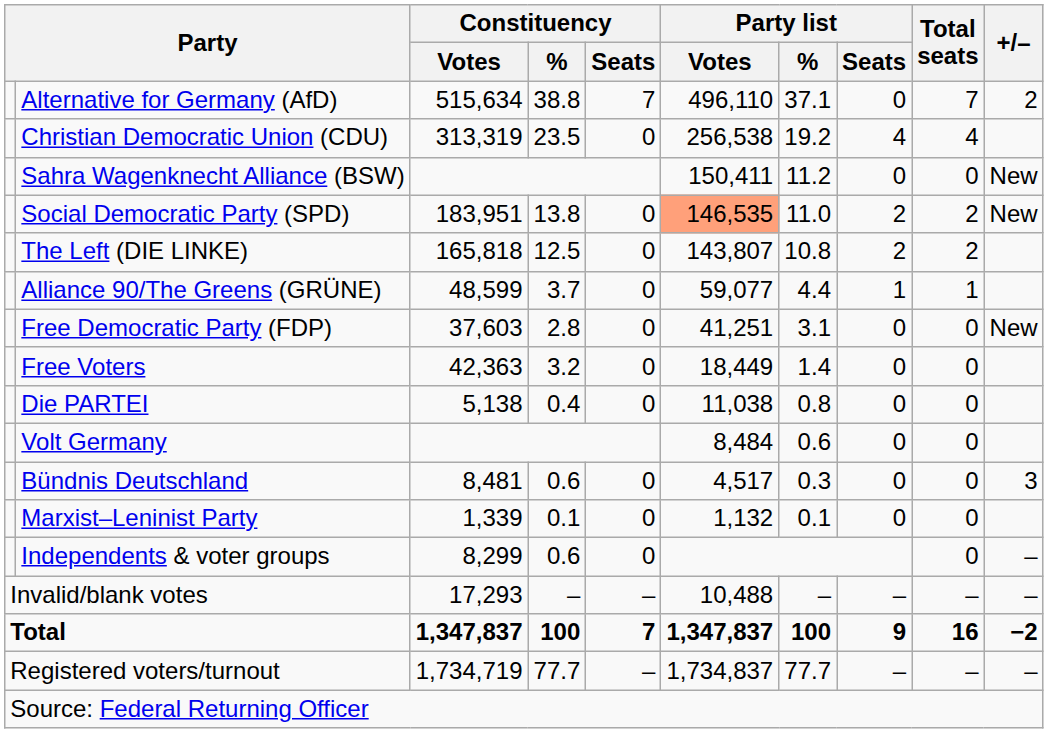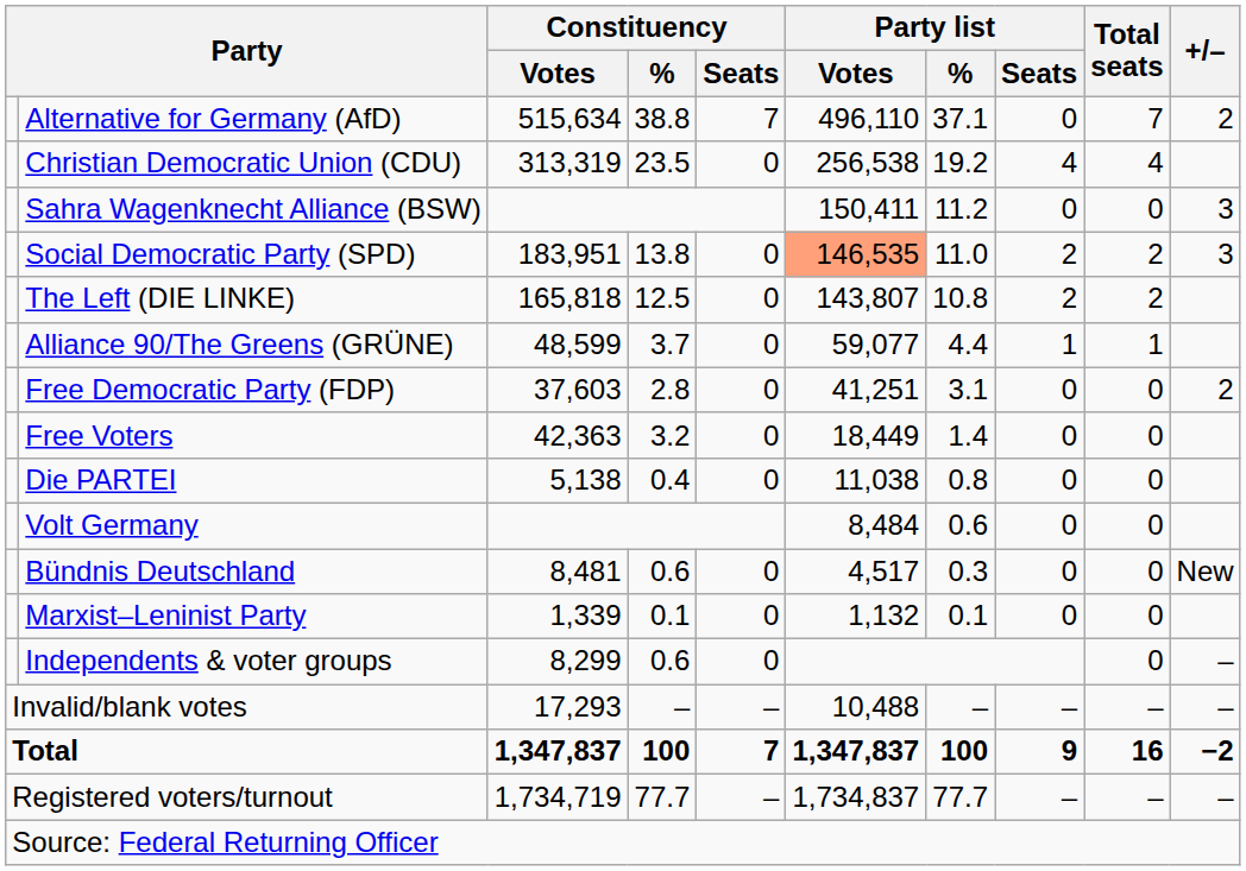 <table class="wikitable" style="text-align:right">
 <tr>
 <th colspan="2" rowspan="2">Party</th>
 <th colspan="3">Constituency</th>
 <th colspan="3">Party list</th>
 <th rowspan="2">Total<br>seats</th>
 <th rowspan="2">+/–</th>
 </tr>
 <tr>
 <th>Votes</th>
 <th>%</th>
 <th>Seats</th>
 <th>Votes</th>
 <th>%</th>
 <th>Seats</th>
 </tr>
 <tr>
 <td></td>
 <td align="left"><a href='#'>Alternative for Germany</a> (AfD)</td>
 <td>515,634</td>
 <td>38.8</td>
 <td>7</td>
 <td>496,110</td>
 <td>37.1</td>
 <td>0</td>
 <td>7</td>
 <td> 2</td>
 </tr>
 <tr>
 <td></td>
 <td align="left"><a href='#'>Christian Democratic Union</a> (CDU)</td>
 <td>313,319</td>
 <td>23.5</td>
 <td>0</td>
 <td>256,538</td>
 <td>19.2</td>
 <td>4</td>
 <td>4</td>
 <td></td>
 </tr>
 <tr>
 <td style="background-color:"></td>
 <td align="left"><a href='#'>Sahra Wagenknecht Alliance</a> (BSW)</td>
 <td colspan="3"></td>
 <td>150,411</td>
 <td>11.2</td>
 <td>0</td>
 <td>0</td>
-<td>New</td>
+<td> 3</td>
 </tr>
 <tr>
 <td></td>
 <td align="left"><a href='#'>Social Democratic Party</a> (SPD)</td>
 <td>183,951</td>
 <td>13.8</td>
 <td>0</td>
 <td style="background: lightsalmon;">146,535</td>
 <td>11.0</td>
 <td>2</td>
 <td>2</td>
-<td>New</td>
+<td> 3</td>
 </tr>
 <tr>
 <td></td>
 <td align="left"><a href='#'>The Left</a> (DIE LINKE)</td>
 <td>165,818</td>
 <td>12.5</td>
 <td>0</td>
 <td>143,807</td>
 <td>10.8</td>
 <td>2</td>
 <td>2</td>
 <td></td>
 </tr>
 <tr>
 <td></td>
 <td align="left"><a href='#'>Alliance 90/The Greens</a> (GRÜNE)</td>
 <td>48,599</td>
 <td>3.7</td>
 <td>0</td>
 <td>59,077</td>
 <td>4.4</td>
 <td>1</td>
 <td>1</td>
 <td></td>
 </tr>
 <tr>
 <td></td>
 <td align="left"><a href='#'>Free Democratic Party</a> (FDP)</td>
 <td>37,603</td>
 <td>2.8</td>
 <td>0</td>
 <td>41,251</td>
 <td>3.1</td>
 <td>0</td>
 <td>0</td>
-<td>New</td>
+<td> 2</td>
 </tr>
 <tr>
 <td style="background-color:"></td>
 <td align="left"><a href='#'>Free Voters</a></td>
 <td>42,363</td>
 <td>3.2</td>
 <td>0</td>
 <td>18,449</td>
 <td>1.4</td>
 <td>0</td>
 <td>0</td>
 <td></td>
 </tr>
 <tr>
 <td style="background-color:"></td>
 <td align="left"><a href='#'>Die PARTEI</a></td>
 <td>5,138</td>
 <td>0.4</td>
 <td>0</td>
 <td>11,038</td>
 <td>0.8</td>
 <td>0</td>
 <td>0</td>
 <td></td>
 </tr>
 <tr>
 <td style="background-color:"></td>
 <td align="left"><a href='#'>Volt Germany</a></td>
 <td colspan="3"></td>
 <td>8,484</td>
 <td>0.6</td>
 <td>0</td>
 <td>0</td>
 <td></td>
 </tr>
 <tr>
 <td style="background-color:"></td>
 <td align="left"><a href='#'>Bündnis Deutschland</a></td>
 <td>8,481</td>
 <td>0.6</td>
 <td>0</td>
 <td>4,517</td>
 <td>0.3</td>
 <td>0</td>
 <td>0</td>
-<td> 3</td>
+<td>New</td>
 </tr>
 <tr>
 <td style="background-color:"></td>
 <td align="left"><a href='#'>Marxist–Leninist Party</a></td>
 <td>1,339</td>
 <td>0.1</td>
 <td>0</td>
 <td>1,132</td>
 <td>0.1</td>
 <td>0</td>
 <td>0</td>
 <td></td>
 </tr>
 <tr>
 <td style="background-color:"></td>
 <td align="left"><a href='#'>Independents</a> & voter groups</td>
 <td>8,299</td>
 <td>0.6</td>
 <td>0</td>
 <td colspan="3"></td>
 <td>0</td>
 <td>–</td>
 </tr>
 <tr>
 <td colspan="2" align="left">Invalid/blank votes</td>
 <td>17,293</td>
 <td>–</td>
 <td>–</td>
 <td>10,488</td>
 <td>–</td>
 <td>–</td>
 <td>–</td>
 <td>–</td>
 </tr>
 <tr>
 <td colspan="2" align="left"><strong>Total</strong></td>
 <td><strong>1,347,837</strong></td>
 <td><strong>100</strong></td>
 <td><strong>7</strong></td>
 <td><strong>1,347,837</strong></td>
 <td><strong>100</strong></td>
 <td><strong>9</strong></td>
 <td><strong>16</strong></td>
 <td><strong>−2</strong></td>
 </tr>
 <tr>
 <td colspan="2" align="left">Registered voters/turnout</td>
 <td>1,734,719</td>
 <td>77.7</td>
 <td>–</td>
 <td>1,734,837</td>
 <td>77.7</td>
 <td>–</td>
 <td>–</td>
 <td>–</td>
 </tr>
 <tr>
 <td colspan="10" align="left">Source: <a href='#'>Federal Returning Officer</a></td>
 </tr>
 </table>
